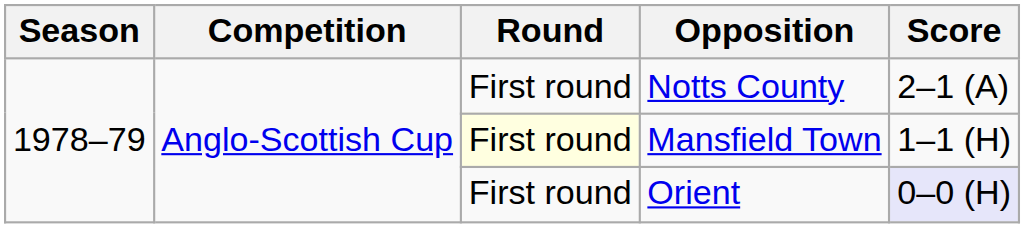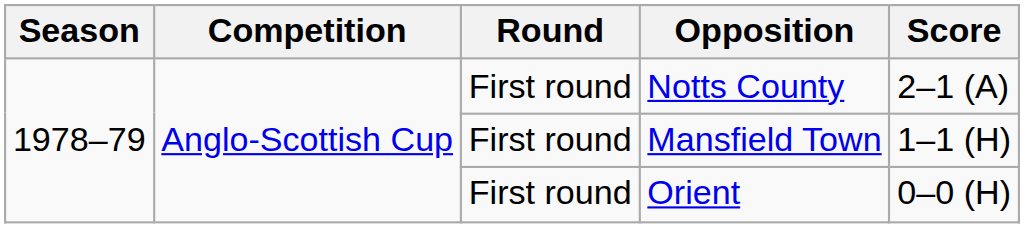 <table class="wikitable">
 <tr>
 <th>Season</th>
 <th>Competition</th>
 <th>Round</th>
 <th>Opposition</th>
 <th>Score</th>
 </tr>
 <tr>
 <td rowspan="3">1978–79</td>
 <td rowspan="3"><a href='#'>Anglo-Scottish Cup</a></td>
 <td>First round</td>
 <td> <a href='#'>Notts County</a></td>
 <td>2–1 (A)</td>
 </tr>
 <tr>
-<td style="background: lightyellow;">First round</td>
+<td>First round</td>
 <td> <a href='#'>Mansfield Town</a></td>
 <td>1–1 (H)</td>
 </tr>
 <tr>
 <td>First round</td>
 <td> <a href='#'>Orient</a></td>
-<td style="background: lavender;">0–0 (H)</td>
+<td>0–0 (H)</td>
 </tr>
 </table>
